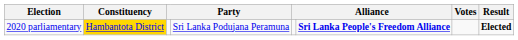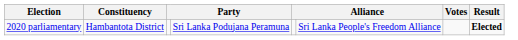 <table class="wikitable" style="text-align:left;">
 <tr>
 <th scope=col>Election</th>
 <th scope=col>Constituency</th>
 <th scope=col colspan="2">Party</th>
 <th scope=col colspan="2">Alliance</th>
 <th scope=col>Votes</th>
 <th scope=col>Result</th>
 </tr>
 <tr>
 <td><a href='#'>2020 parliamentary</a></td>
-<td style="background: gold;"><a href='#'>Hambantota District</a></td>
+<td><a href='#'>Hambantota District</a></td>
 <td style="background:"></td>
 <td><a href='#'>Sri Lanka Podujana Peramuna</a></td>
 <td style="background:"></td>
-<td><strong><a href='#'>Sri Lanka People's Freedom Alliance</a></strong></td>
+<td><a href='#'>Sri Lanka People's Freedom Alliance</a></td>
 <td align=right></td>
 <td><strong>Elected</strong></td>
 </tr>
 </table>
